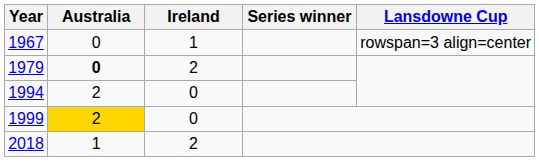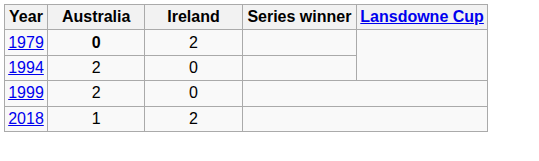 <table class="wikitable">
 <tr>
 <th>Year</th>
 <th width="90">Australia</th>
 <th width="90">Ireland</th>
 <th width="107">Series winner</th>
 <th><a href='#'>Lansdowne Cup</a></th>
-</tr>
-<tr>
-<td> <a href='#'>1967</a></td>
-<td align=center>0</td>
-<td align=center>1</td>
-<td></td>
-<td>rowspan=3 align=center </td>
 </tr>
 <tr>
 <td> <a href='#'>1979</a></td>
 <td align=center><strong>0</strong></td>
 <td align=center>2</td>
 <td></td>
 </tr>
 <tr>
 <td> <a href='#'>1994</a></td>
 <td align=center>2</td>
 <td align=center>0</td>
 <td></td>
 </tr>
 <tr>
 <td> <a href='#'>1999</a></td>
-<td align=center style="background: gold;">2</td>
+<td align=center>2</td>
 <td align=center>0</td>
 <td align=left colspan=2></td>
 </tr>
 <tr>
 <td> <a href='#'>2018</a></td>
 <td align=center>1</td>
 <td align=center>2</td>
 <td align=left colspan=2></td>
 </tr>
 </table>
